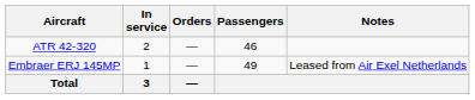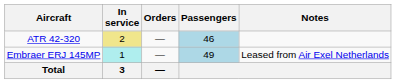 <table class="wikitable" style="margin:0.5em auto; text-align:center">
 <tr>
 <th>Aircraft</th>
 <th>In <br> service</th>
 <th>Orders</th>
 <th>Passengers</th>
 <th>Notes</th>
 </tr>
 <tr>
 <td><a href='#'>ATR 42-320</a></td>
-<td>2</td>
+<td style="background: khaki;">2</td>
 <td>—</td>
-<td>46</td>
+<td style="background: lightblue;">46</td>
 <td></td>
 </tr>
 <tr>
 <td><a href='#'>Embraer ERJ 145MP</a></td>
-<td>1</td>
+<td style="background: paleturquoise;">1</td>
 <td>—</td>
-<td>49</td>
+<td style="background: lightblue;">49</td>
 <td>Leased from <a href='#'>Air Exel Netherlands</a></td>
 </tr>
 <tr>
 <th>Total</th>
 <th>3</th>
 <th>—</th>
 <th colspan=5></th>
 </tr>
 </table>
